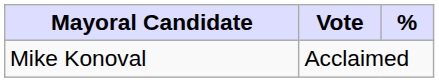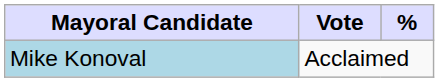 <table class="wikitable">
 <tr>
 <th style="background:#ddf; width:200px;">Mayoral Candidate </th>
 <th style="background:#ddf; width:50px;">Vote</th>
 <th style="background:#ddf; width:30px;">%</th>
 </tr>
 <tr>
-<td>Mike Konoval</td>
+<td style="background: lightblue;">Mike Konoval</td>
 <td colspan="2">Acclaimed</td>
 </tr>
 </table>
